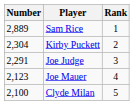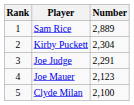 <table class="wikitable" style="font-size: 95%; text-align:left;">
 <tr>
+<th>Rank</th>
+<th>Player</th>
 <th>Number</th>
-<th>Player</th>
-<th>Rank</th>
 </tr>
 <tr>
+<td align="center">1</td>
+<td><a href='#'>Sam Rice</a></td>
 <td>2,889</td>
-<td><a href='#'>Sam Rice</a></td>
-<td align="center">1</td>
 </tr>
 <tr>
+<td align="center">2</td>
+<td><a href='#'>Kirby Puckett</a></td>
 <td>2,304</td>
-<td><a href='#'>Kirby Puckett</a></td>
-<td align="center">2</td>
 </tr>
 <tr>
+<td align="center">3</td>
+<td><a href='#'>Joe Judge</a></td>
 <td>2,291</td>
-<td><a href='#'>Joe Judge</a></td>
-<td align="center">3</td>
 </tr>
 <tr>
+<td align="center">4</td>
+<td><a href='#'>Joe Mauer</a></td>
 <td>2,123</td>
-<td><a href='#'>Joe Mauer</a></td>
-<td align="center">4</td>
 </tr>
 <tr>
+<td align="center">5</td>
+<td><a href='#'>Clyde Milan</a></td>
 <td>2,100</td>
-<td><a href='#'>Clyde Milan</a></td>
-<td align="center">5</td>
 </tr>
 </table>
